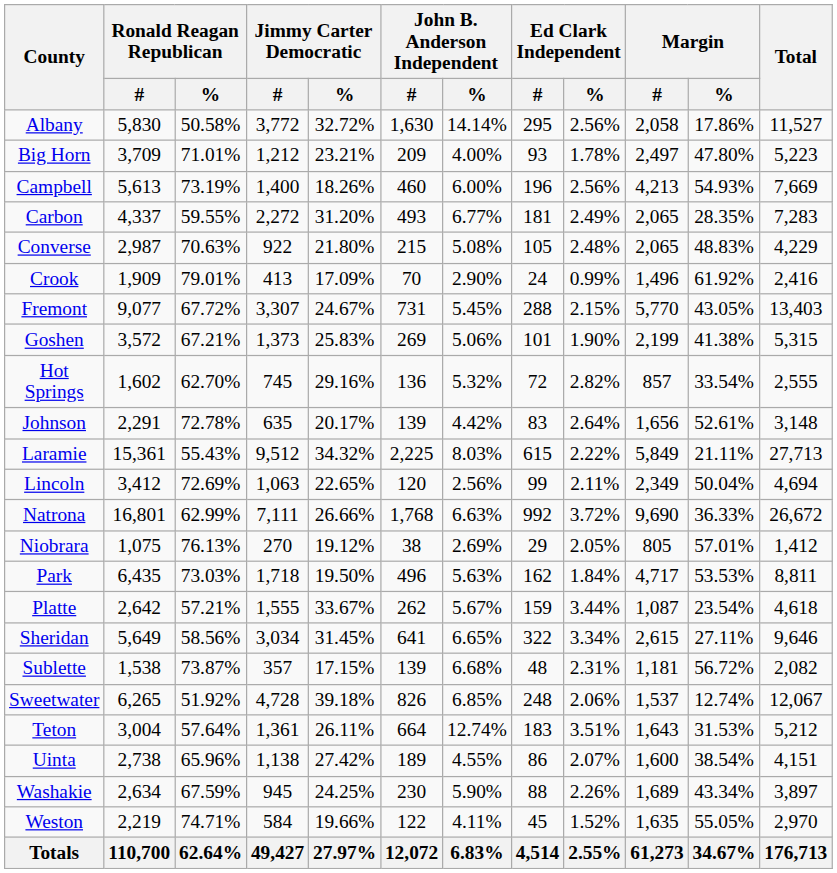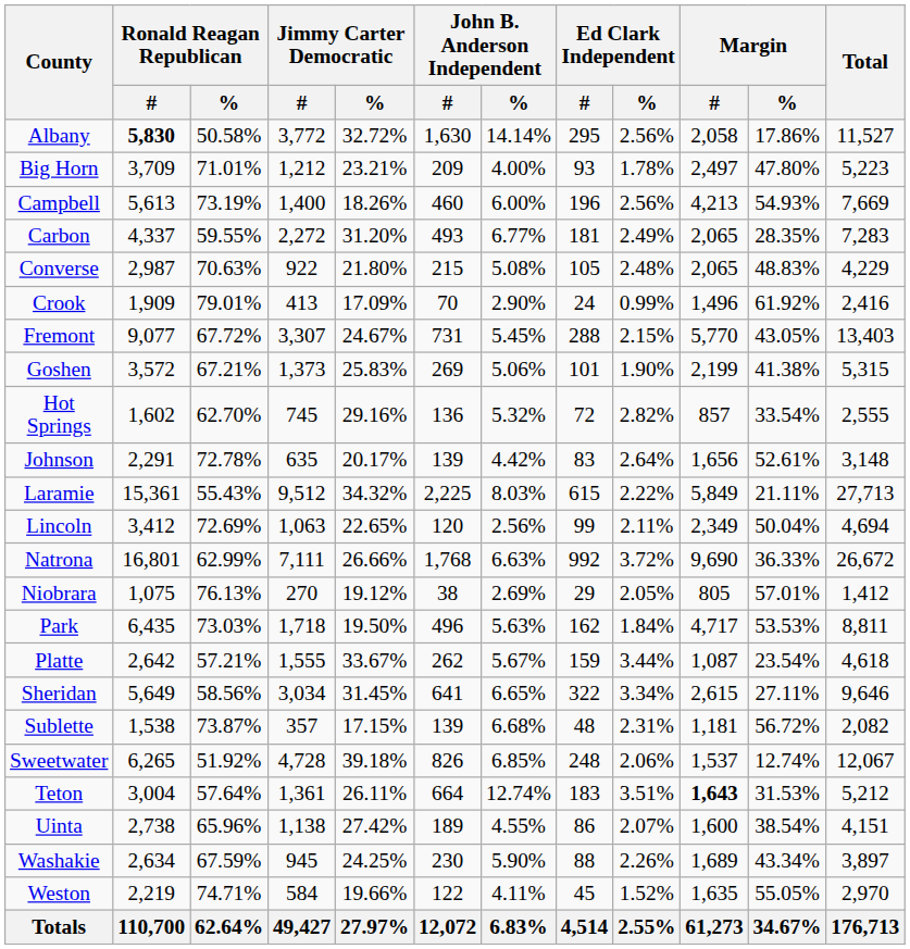 <table width="60%" class="wikitable sortable" style="text-align:center">
 <tr>
 <th style="text-align:center;" rowspan="2">County</th>
 <th style="text-align:center;" colspan="2">Ronald Reagan<br>Republican</th>
 <th style="text-align:center;" colspan="2">Jimmy Carter <br>Democratic</th>
 <th style="text-align:center;" colspan="2">John B. Anderson<br>Independent</th>
 <th style="text-align:center;" colspan="2">Ed Clark<br>Independent</th>
 <th style="text-align:center;" colspan="2">Margin</th>
 <th style="text-align:center;" rowspan="2">Total</th>
 </tr>
 <tr>
 <th style="text-align:center;" data-sort-type="number">#</th>
 <th style="text-align:center;" data-sort-type="number">%</th>
 <th style="text-align:center;" data-sort-type="number">#</th>
 <th style="text-align:center;" data-sort-type="number">%</th>
 <th style="text-align:center;" data-sort-type="number">#</th>
 <th style="text-align:center;" data-sort-type="number">%</th>
 <th style="text-align:center;" data-sort-type="number">#</th>
 <th style="text-align:center;" data-sort-type="number">%</th>
 <th style="text-align:center;" data-sort-type="number">#</th>
 <th style="text-align:center;" data-sort-type="number">%</th>
 </tr>
 <tr style="text-align:center;">
 <td><a href='#'>Albany</a></td>
-<td>5,830</td>
+<td><strong>5,830</strong></td>
 <td>50.58%</td>
 <td>3,772</td>
 <td>32.72%</td>
 <td>1,630</td>
 <td>14.14%</td>
 <td>295</td>
 <td>2.56%</td>
 <td>2,058</td>
 <td>17.86%</td>
 <td>11,527</td>
 </tr>
 <tr style="text-align:center;">
 <td><a href='#'>Big Horn</a></td>
 <td>3,709</td>
 <td>71.01%</td>
 <td>1,212</td>
 <td>23.21%</td>
 <td>209</td>
 <td>4.00%</td>
 <td>93</td>
 <td>1.78%</td>
 <td>2,497</td>
 <td>47.80%</td>
 <td>5,223</td>
 </tr>
 <tr style="text-align:center;">
 <td><a href='#'>Campbell</a></td>
 <td>5,613</td>
 <td>73.19%</td>
 <td>1,400</td>
 <td>18.26%</td>
 <td>460</td>
 <td>6.00%</td>
 <td>196</td>
 <td>2.56%</td>
 <td>4,213</td>
 <td>54.93%</td>
 <td>7,669</td>
 </tr>
 <tr style="text-align:center;">
 <td><a href='#'>Carbon</a></td>
 <td>4,337</td>
 <td>59.55%</td>
 <td>2,272</td>
 <td>31.20%</td>
 <td>493</td>
 <td>6.77%</td>
 <td>181</td>
 <td>2.49%</td>
 <td>2,065</td>
 <td>28.35%</td>
 <td>7,283</td>
 </tr>
 <tr style="text-align:center;">
 <td><a href='#'>Converse</a></td>
 <td>2,987</td>
 <td>70.63%</td>
 <td>922</td>
 <td>21.80%</td>
 <td>215</td>
 <td>5.08%</td>
 <td>105</td>
 <td>2.48%</td>
 <td>2,065</td>
 <td>48.83%</td>
 <td>4,229</td>
 </tr>
 <tr style="text-align:center;">
 <td><a href='#'>Crook</a></td>
 <td>1,909</td>
 <td>79.01%</td>
 <td>413</td>
 <td>17.09%</td>
 <td>70</td>
 <td>2.90%</td>
 <td>24</td>
 <td>0.99%</td>
 <td>1,496</td>
 <td>61.92%</td>
 <td>2,416</td>
 </tr>
 <tr style="text-align:center;">
 <td><a href='#'>Fremont</a></td>
 <td>9,077</td>
 <td>67.72%</td>
 <td>3,307</td>
 <td>24.67%</td>
 <td>731</td>
 <td>5.45%</td>
 <td>288</td>
 <td>2.15%</td>
 <td>5,770</td>
 <td>43.05%</td>
 <td>13,403</td>
 </tr>
 <tr style="text-align:center;">
 <td><a href='#'>Goshen</a></td>
 <td>3,572</td>
 <td>67.21%</td>
 <td>1,373</td>
 <td>25.83%</td>
 <td>269</td>
 <td>5.06%</td>
 <td>101</td>
 <td>1.90%</td>
 <td>2,199</td>
 <td>41.38%</td>
 <td>5,315</td>
 </tr>
 <tr style="text-align:center;">
 <td><a href='#'>Hot Springs</a></td>
 <td>1,602</td>
 <td>62.70%</td>
 <td>745</td>
 <td>29.16%</td>
 <td>136</td>
 <td>5.32%</td>
 <td>72</td>
 <td>2.82%</td>
 <td>857</td>
 <td>33.54%</td>
 <td>2,555</td>
 </tr>
 <tr style="text-align:center;">
 <td><a href='#'>Johnson</a></td>
 <td>2,291</td>
 <td>72.78%</td>
 <td>635</td>
 <td>20.17%</td>
 <td>139</td>
 <td>4.42%</td>
 <td>83</td>
 <td>2.64%</td>
 <td>1,656</td>
 <td>52.61%</td>
 <td>3,148</td>
 </tr>
 <tr style="text-align:center;">
 <td><a href='#'>Laramie</a></td>
 <td>15,361</td>
 <td>55.43%</td>
 <td>9,512</td>
 <td>34.32%</td>
 <td>2,225</td>
 <td>8.03%</td>
 <td>615</td>
 <td>2.22%</td>
 <td>5,849</td>
 <td>21.11%</td>
 <td>27,713</td>
 </tr>
 <tr style="text-align:center;">
 <td><a href='#'>Lincoln</a></td>
 <td>3,412</td>
 <td>72.69%</td>
 <td>1,063</td>
 <td>22.65%</td>
 <td>120</td>
 <td>2.56%</td>
 <td>99</td>
 <td>2.11%</td>
 <td>2,349</td>
 <td>50.04%</td>
 <td>4,694</td>
 </tr>
 <tr style="text-align:center;">
 <td><a href='#'>Natrona</a></td>
 <td>16,801</td>
 <td>62.99%</td>
 <td>7,111</td>
 <td>26.66%</td>
 <td>1,768</td>
 <td>6.63%</td>
 <td>992</td>
 <td>3.72%</td>
 <td>9,690</td>
 <td>36.33%</td>
 <td>26,672</td>
 </tr>
 <tr style="text-align:center;">
 <td><a href='#'>Niobrara</a></td>
 <td>1,075</td>
 <td>76.13%</td>
 <td>270</td>
 <td>19.12%</td>
 <td>38</td>
 <td>2.69%</td>
 <td>29</td>
 <td>2.05%</td>
 <td>805</td>
 <td>57.01%</td>
 <td>1,412</td>
 </tr>
 <tr style="text-align:center;">
 <td><a href='#'>Park</a></td>
 <td>6,435</td>
 <td>73.03%</td>
 <td>1,718</td>
 <td>19.50%</td>
 <td>496</td>
 <td>5.63%</td>
 <td>162</td>
 <td>1.84%</td>
 <td>4,717</td>
 <td>53.53%</td>
 <td>8,811</td>
 </tr>
 <tr style="text-align:center;">
 <td><a href='#'>Platte</a></td>
 <td>2,642</td>
 <td>57.21%</td>
 <td>1,555</td>
 <td>33.67%</td>
 <td>262</td>
 <td>5.67%</td>
 <td>159</td>
 <td>3.44%</td>
 <td>1,087</td>
 <td>23.54%</td>
 <td>4,618</td>
 </tr>
 <tr style="text-align:center;">
 <td><a href='#'>Sheridan</a></td>
 <td>5,649</td>
 <td>58.56%</td>
 <td>3,034</td>
 <td>31.45%</td>
 <td>641</td>
 <td>6.65%</td>
 <td>322</td>
 <td>3.34%</td>
 <td>2,615</td>
 <td>27.11%</td>
 <td>9,646</td>
 </tr>
 <tr style="text-align:center;">
 <td><a href='#'>Sublette</a></td>
 <td>1,538</td>
 <td>73.87%</td>
 <td>357</td>
 <td>17.15%</td>
 <td>139</td>
 <td>6.68%</td>
 <td>48</td>
 <td>2.31%</td>
 <td>1,181</td>
 <td>56.72%</td>
 <td>2,082</td>
 </tr>
 <tr style="text-align:center;">
 <td><a href='#'>Sweetwater</a></td>
 <td>6,265</td>
 <td>51.92%</td>
 <td>4,728</td>
 <td>39.18%</td>
 <td>826</td>
 <td>6.85%</td>
 <td>248</td>
 <td>2.06%</td>
 <td>1,537</td>
 <td>12.74%</td>
 <td>12,067</td>
 </tr>
 <tr style="text-align:center;">
 <td><a href='#'>Teton</a></td>
 <td>3,004</td>
 <td>57.64%</td>
 <td>1,361</td>
 <td>26.11%</td>
 <td>664</td>
 <td>12.74%</td>
 <td>183</td>
 <td>3.51%</td>
-<td>1,643</td>
+<td><strong>1,643</strong></td>
 <td>31.53%</td>
 <td>5,212</td>
 </tr>
 <tr style="text-align:center;">
 <td><a href='#'>Uinta</a></td>
 <td>2,738</td>
 <td>65.96%</td>
 <td>1,138</td>
 <td>27.42%</td>
 <td>189</td>
 <td>4.55%</td>
 <td>86</td>
 <td>2.07%</td>
 <td>1,600</td>
 <td>38.54%</td>
 <td>4,151</td>
 </tr>
 <tr style="text-align:center;">
 <td><a href='#'>Washakie</a></td>
 <td>2,634</td>
 <td>67.59%</td>
 <td>945</td>
 <td>24.25%</td>
 <td>230</td>
 <td>5.90%</td>
 <td>88</td>
 <td>2.26%</td>
 <td>1,689</td>
 <td>43.34%</td>
 <td>3,897</td>
 </tr>
 <tr style="text-align:center;">
 <td><a href='#'>Weston</a></td>
 <td>2,219</td>
 <td>74.71%</td>
 <td>584</td>
 <td>19.66%</td>
 <td>122</td>
 <td>4.11%</td>
 <td>45</td>
 <td>1.52%</td>
 <td>1,635</td>
 <td>55.05%</td>
 <td>2,970</td>
 </tr>
 <tr style="text-align:center;">
 <th>Totals</th>
 <th>110,700</th>
 <th>62.64%</th>
 <th>49,427</th>
 <th>27.97%</th>
 <th>12,072</th>
 <th>6.83%</th>
 <th>4,514</th>
 <th>2.55%</th>
 <th>61,273</th>
 <th>34.67%</th>
 <th>176,713</th>
 </tr>
 </table>
